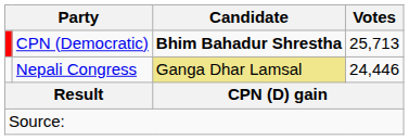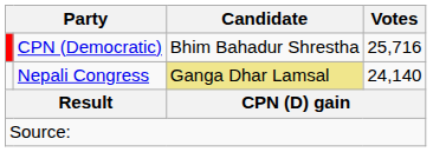 <table class="wikitable">
 <tr>
 <th colspan="2">Party</th>
 <th>Candidate</th>
 <th>Votes</th>
 </tr>
 <tr>
 <td style="background-color:red"></td>
 <td><a href='#'>CPN (Democratic)</a></td>
-<td><strong>Bhim Bahadur Shrestha</strong></td>
-<td>25,713</td>
+<td>Bhim Bahadur Shrestha</td>
+<td>25,716</td>
 </tr>
 <tr>
 <td style="background-color:"></td>
 <td><a href='#'>Nepali Congress</a></td>
 <td style="background: khaki;">Ganga Dhar Lamsal</td>
-<td>24,446</td>
+<td>24,140</td>
 </tr>
 <tr>
 <th colspan="2">Result</th>
 <th colspan="2">CPN (D) gain</th>
 </tr>
 <tr>
 <td colspan="4">Source: </td>
 </tr>
 </table>
